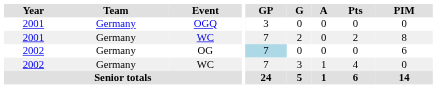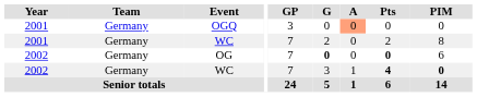 <table border="0" cellpadding="1" cellspacing="0" ID="Table3" style="text-align:center; width:40em">
 <tr ALIGN="center" bgcolor="#e0e0e0">
 <th>Year</th>
 <th>Team</th>
 <th>Event</th>
 <th rowspan="99" bgcolor="#ffffff"></th>
 <th>GP</th>
 <th>G</th>
 <th>A</th>
 <th>Pts</th>
 <th>PIM</th>
 </tr>
 <tr>
 <td><a href='#'>2001</a></td>
 <td><a href='#'>Germany</a></td>
 <td><a href='#'>OGQ</a></td>
 <td>3</td>
 <td>0</td>
-<td>0</td>
+<td style="background: lightsalmon;">0</td>
 <td>0</td>
 <td>0</td>
 </tr>
 <tr bgcolor="#f0f0f0">
 <td><a href='#'>2001</a></td>
 <td>Germany</td>
 <td><a href='#'>WC</a></td>
 <td>7</td>
 <td>2</td>
 <td>0</td>
 <td>2</td>
 <td>8</td>
 </tr>
 <tr>
 <td><a href='#'>2002</a></td>
 <td>Germany</td>
 <td>OG</td>
-<td style="background: lightblue;">7</td>
+<td>7</td>
+<td><strong>0</strong></td>
 <td>0</td>
-<td>0</td>
-<td>0</td>
+<td><strong>0</strong></td>
 <td>6</td>
 </tr>
 <tr bgcolor="#f0f0f0">
 <td><a href='#'>2002</a></td>
 <td>Germany</td>
 <td>WC</td>
 <td>7</td>
 <td>3</td>
 <td>1</td>
-<td>4</td>
-<td>0</td>
+<td><strong>4</strong></td>
+<td><strong>0</strong></td>
 </tr>
 <tr bgcolor="#e0e0e0">
 <th colspan="3">Senior totals</th>
 <th>24</th>
 <th>5</th>
 <th>1</th>
 <th>6</th>
 <th>14</th>
 </tr>
 </table>
